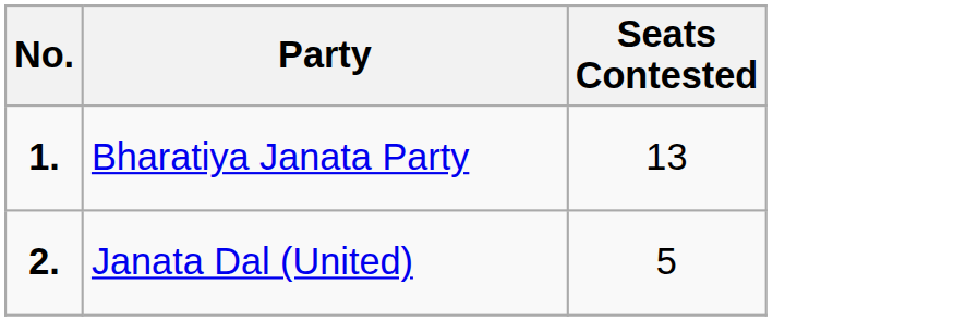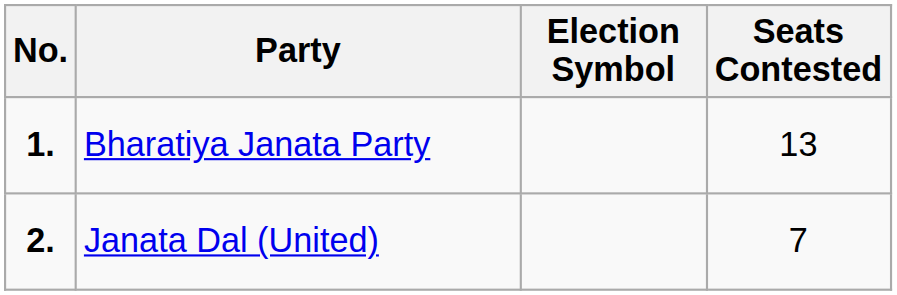 <table class="wikitable">
 <tr>
 <th scope="col" style="width:4px;">No.</th>
 <th scope="col" style="width:200px;">Party</th>
+<th scope="col" style="width:80px;">Election Symbol</th>
 <th scope="col" style="width:60px;">Seats Contested</th>
 </tr>
 <tr style="height: 45px;">
 <td style="text-align:center; background:"><strong>1.</strong></td>
 <td><a href='#'>Bharatiya Janata Party</a></td>
+<td style="text-align:center;"></td>
 <td style="text-align:center;">13</td>
 </tr>
 <tr style="height: 45px;">
 <td style="text-align:center; background:"><strong>2.</strong></td>
 <td><a href='#'>Janata Dal (United)</a></td>
-<td style="text-align:center;">5</td>
+<td style="text-align:center;"></td>
+<td style="text-align:center;">7</td>
 </tr>
 </table>
